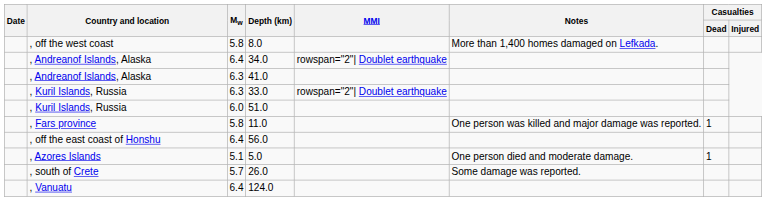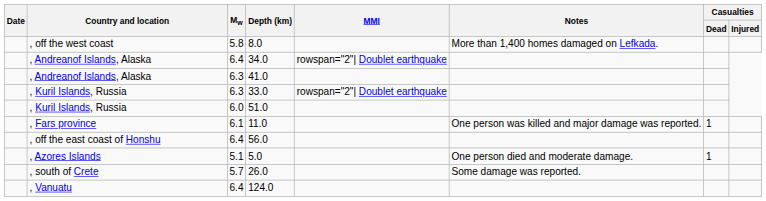 <table class="wikitable sortable sort-under" style="border:1px black; margin-left:1em;">
 <tr>
 <th rowspan="2"><small>Date</small></th>
 <th rowspan="2" style="width: 310px"><small>Country and location</small></th>
 <th rowspan="2"><small>M<sub>w</sub></small></th>
 <th rowspan="2"><small>Depth (km)</small></th>
 <th rowspan="2"><small><a href='#'>MMI</a></small></th>
 <th rowspan="2" class="unsortable"><small>Notes</small></th>
 <th colspan="2"><small>Casualties</small></th>
 </tr>
 <tr>
 <th><small>Dead</small></th>
 <th><small>Injured</small></th>
 </tr>
 <tr>
 <td></td>
 <td>, off the west coast</td>
 <td>5.8</td>
 <td>8.0</td>
 <td></td>
 <td>More than 1,400 homes damaged on <a href='#'>Lefkada</a>.</td>
 <td></td>
 <td></td>
 </tr>
 <tr>
 <td></td>
 <td>, <a href='#'>Andreanof Islands</a>, Alaska</td>
 <td>6.4</td>
 <td>34.0</td>
 <td>rowspan="2"| <a href='#'>Doublet earthquake</a></td>
 <td></td>
 <td></td>
 </tr>
 <tr>
 <td></td>
 <td>, <a href='#'>Andreanof Islands</a>, Alaska</td>
 <td>6.3</td>
 <td>41.0</td>
 <td></td>
 <td></td>
 <td></td>
 </tr>
 <tr>
 <td></td>
 <td>, <a href='#'>Kuril Islands</a>, Russia</td>
 <td>6.3</td>
 <td>33.0</td>
 <td>rowspan="2"| <a href='#'>Doublet earthquake</a></td>
 <td></td>
 <td></td>
 </tr>
 <tr>
 <td></td>
 <td>, <a href='#'>Kuril Islands</a>, Russia</td>
 <td>6.0</td>
 <td>51.0</td>
 <td></td>
 <td></td>
 <td></td>
 </tr>
 <tr>
 <td></td>
 <td>, <a href='#'>Fars province</a></td>
-<td>5.8</td>
+<td>6.1</td>
 <td>11.0</td>
 <td></td>
 <td>One person was killed and major damage was reported.</td>
 <td>1</td>
 <td></td>
 </tr>
 <tr>
 <td></td>
 <td>, off the east coast of <a href='#'>Honshu</a></td>
 <td>6.4</td>
 <td>56.0</td>
 <td></td>
 <td></td>
 <td></td>
 <td></td>
 </tr>
 <tr>
 <td></td>
 <td>, <a href='#'>Azores Islands</a></td>
 <td>5.1</td>
 <td>5.0</td>
 <td></td>
 <td>One person died and moderate damage.</td>
 <td>1</td>
 <td></td>
 </tr>
 <tr>
 <td></td>
 <td>, south of <a href='#'>Crete</a></td>
 <td>5.7</td>
 <td>26.0</td>
 <td></td>
 <td>Some damage was reported.</td>
 <td></td>
 <td></td>
 </tr>
 <tr>
 <td></td>
 <td>, <a href='#'>Vanuatu</a></td>
 <td>6.4</td>
 <td>124.0</td>
 <td></td>
 <td></td>
 <td></td>
 <td></td>
 </tr>
 </table>
